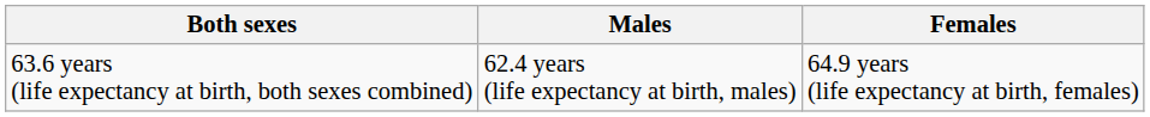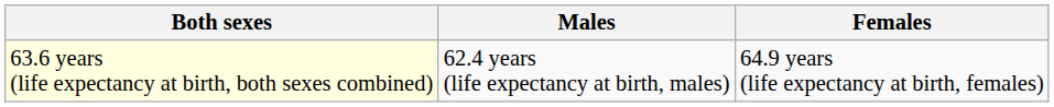 <table class="wikitable">
 <tr>
 <th scope="col">Both sexes</th>
 <th scope="col">Males</th>
 <th scope="col">Females</th>
 </tr>
 <tr>
-<td>63.6 years<br>(life expectancy at birth, both sexes combined)</td>
+<td style="background: lightyellow;">63.6 years<br>(life expectancy at birth, both sexes combined)</td>
 <td>62.4 years<br>(life expectancy at birth, males)</td>
 <td>64.9 years<br>(life expectancy at birth, females)</td>
 </tr>
 </table>
